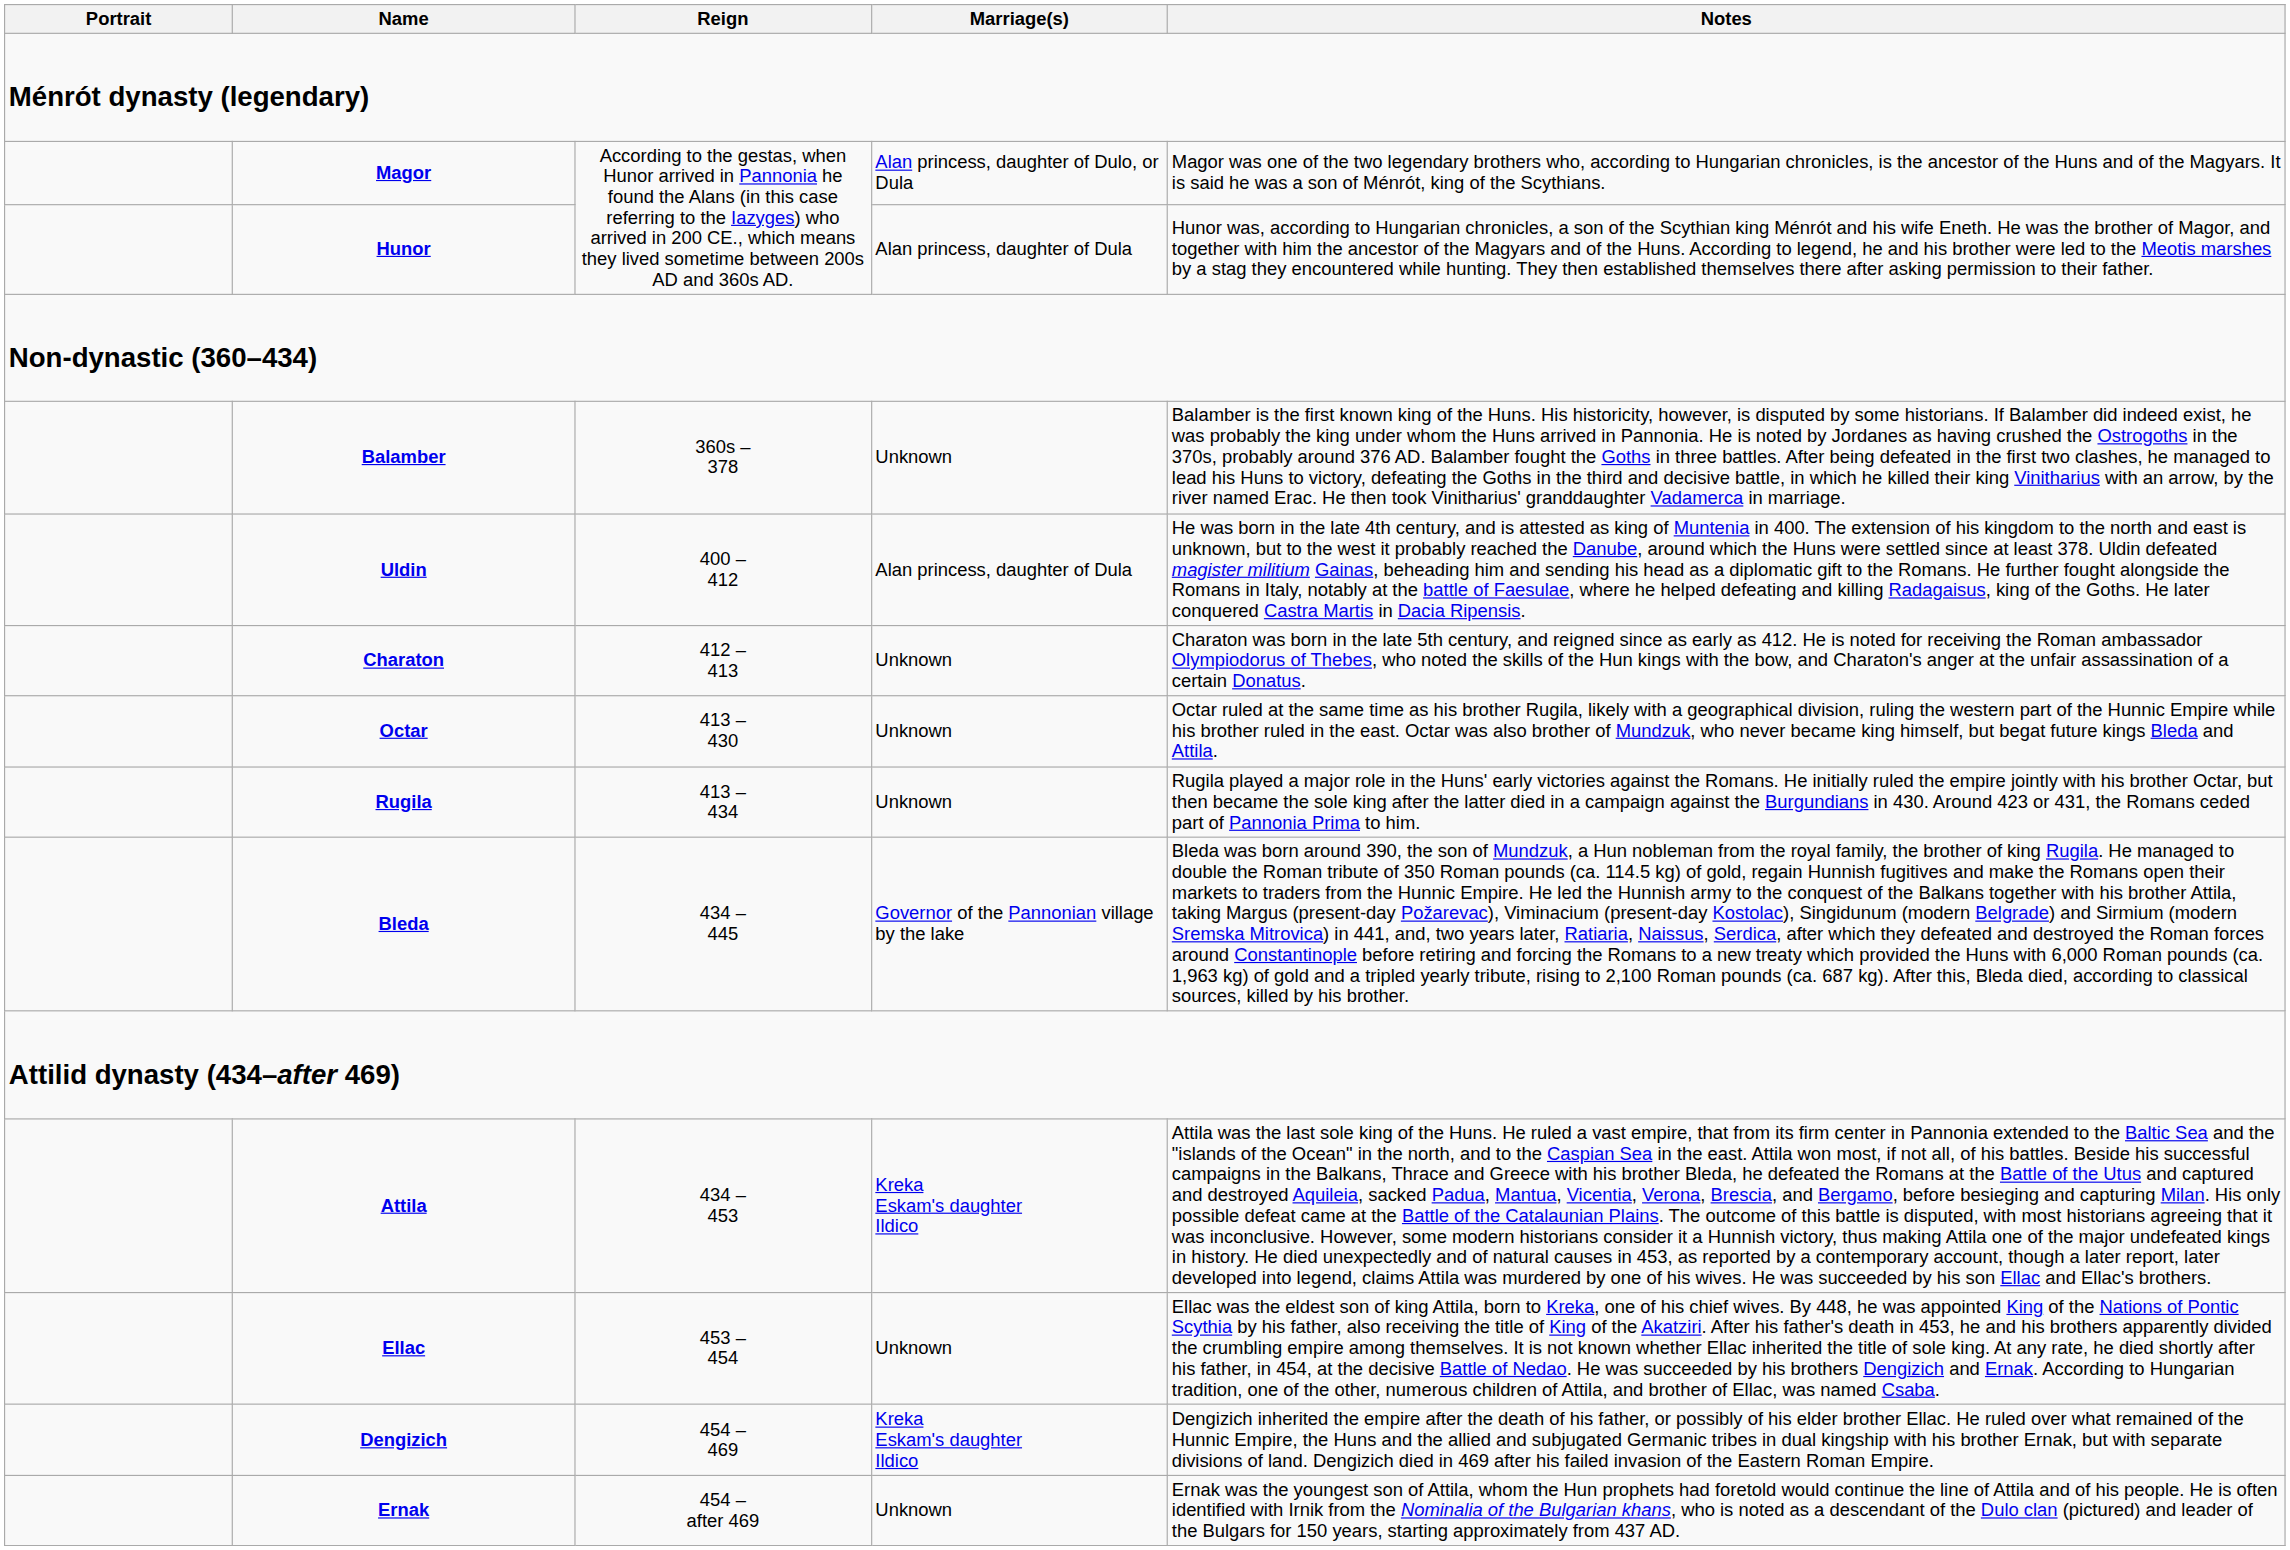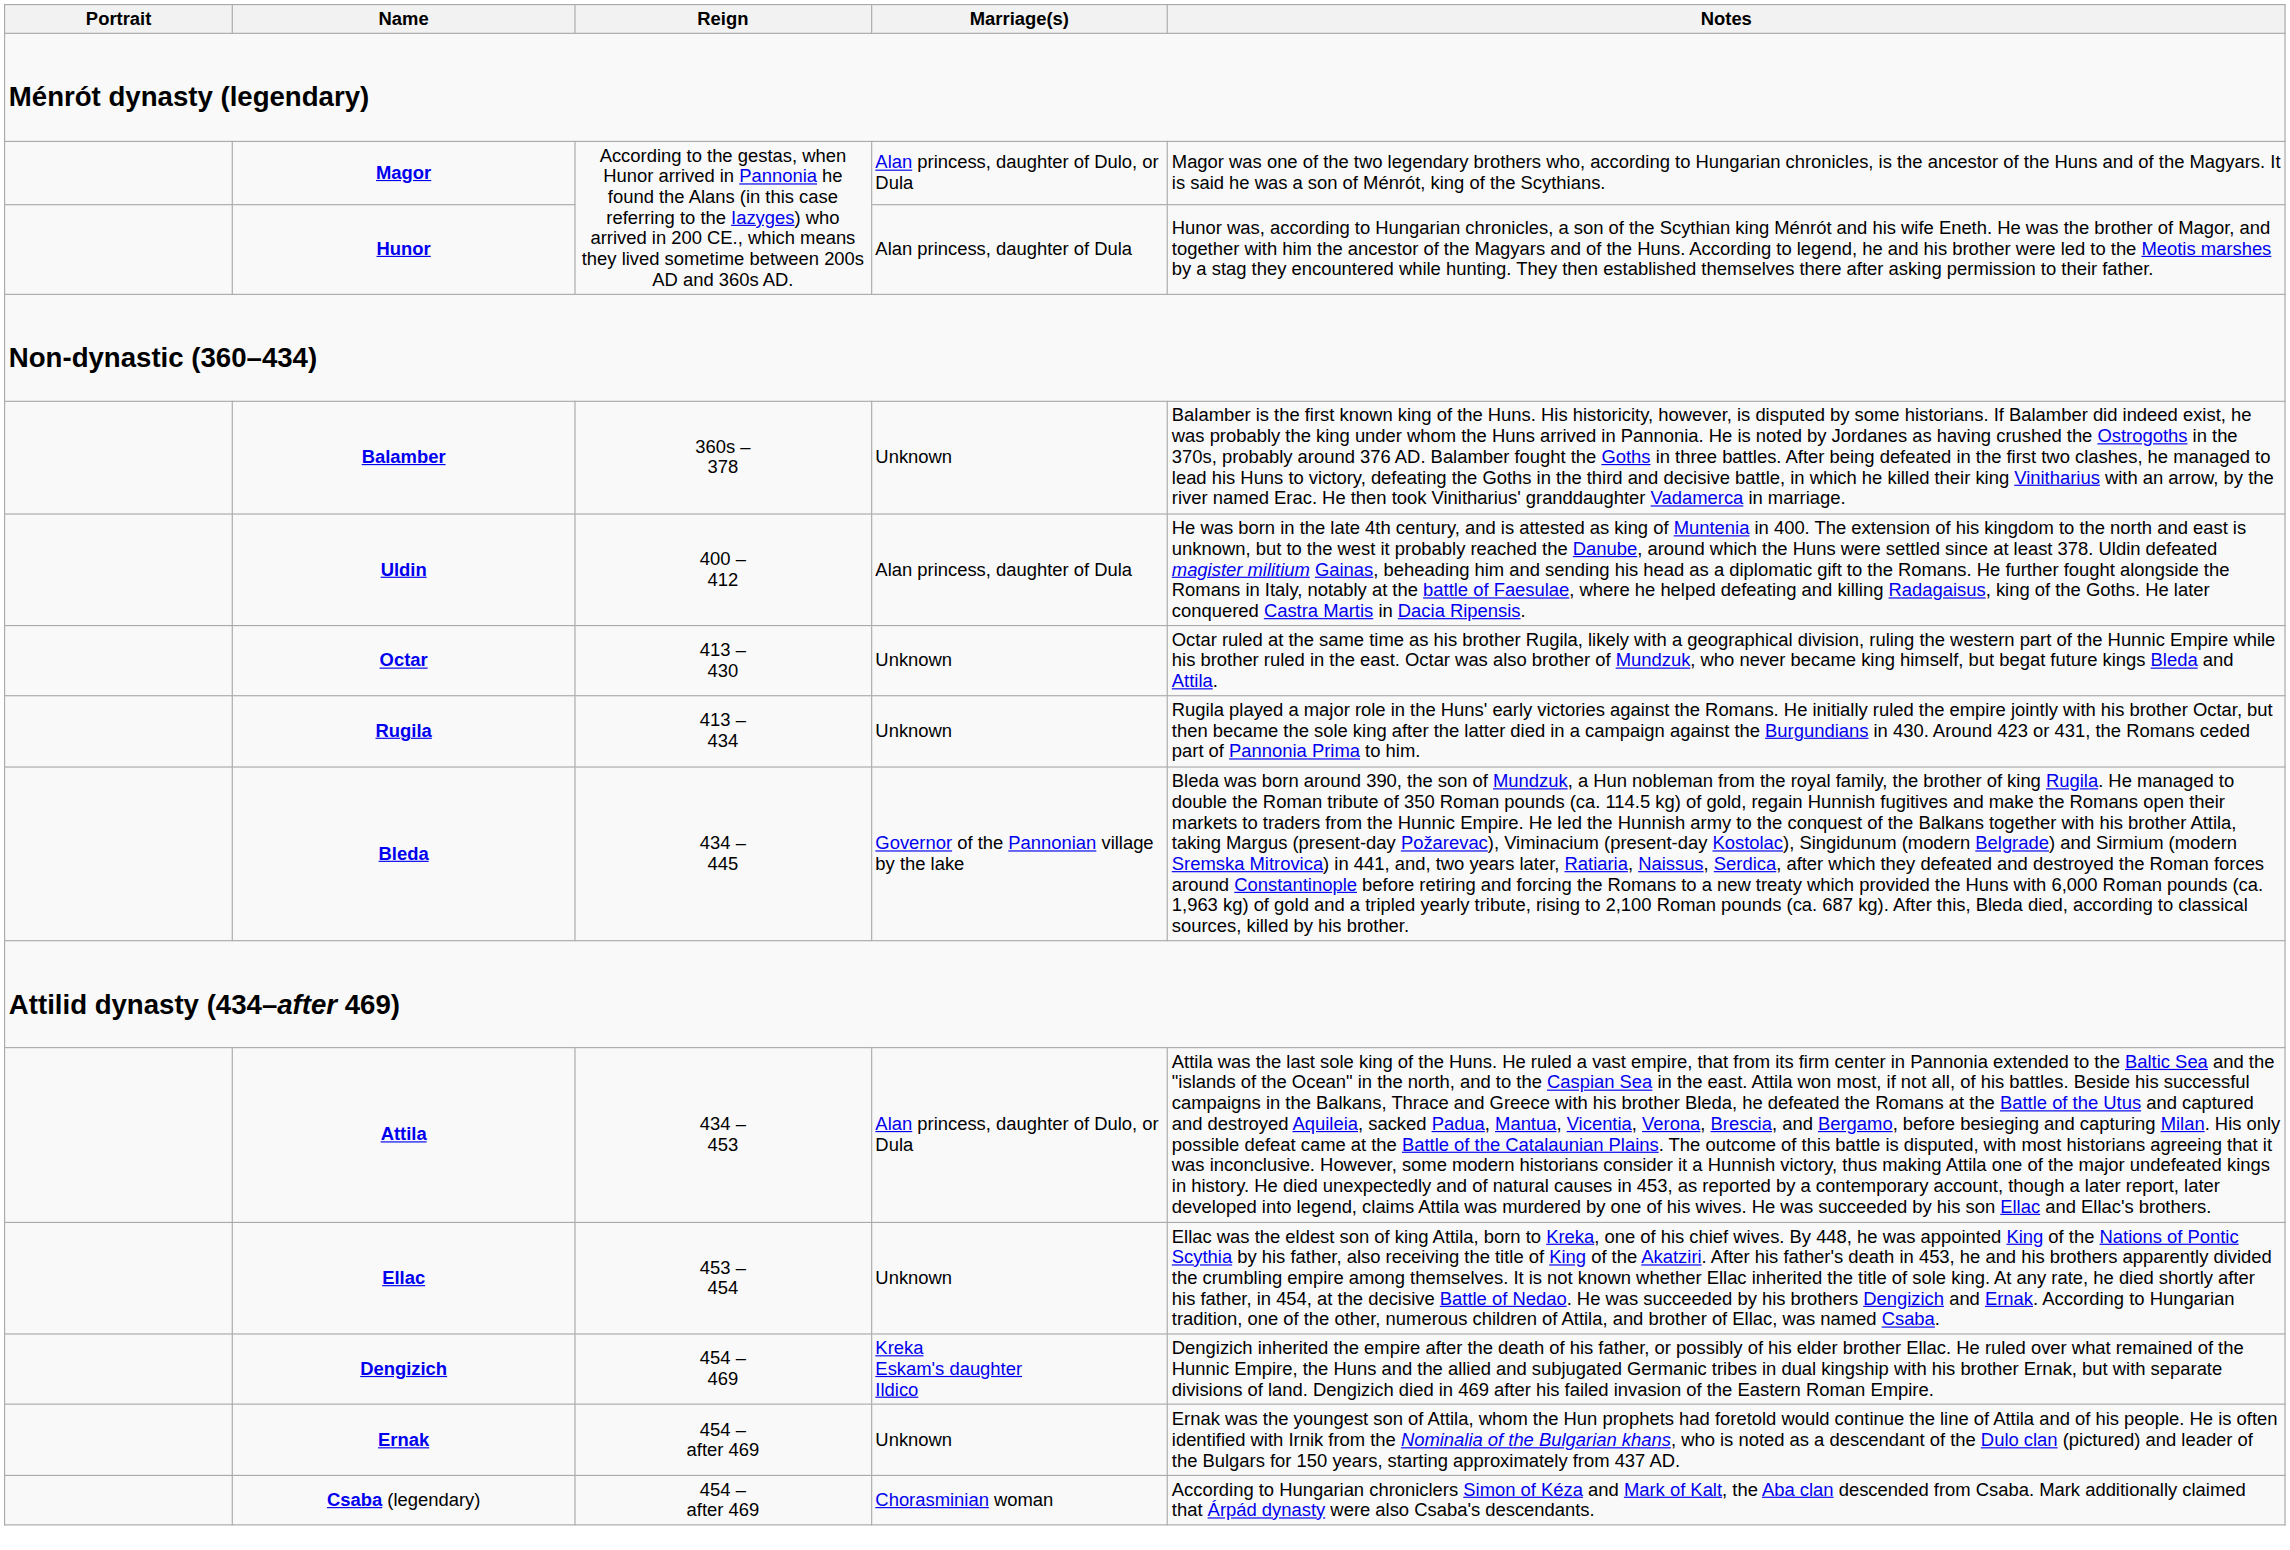 <table class="wikitable" style="width:100%">
 <tr>
 <th style="width:10%">Portrait</th>
 <th style="width:15%">Name</th>
 <th style="width:13%">Reign</th>
 <th style="width:13%">Marriage(s)</th>
 <th style="width:49%">Notes</th>
 </tr>
 <tr>
 <td colspan=5><br><h2>Ménrót dynasty (legendary)</h2></td>
 </tr>
 <tr>
 <td align=center></td>
 <td align=center><strong><a href='#'>Magor</a></strong></td>
 <td rowspan="2" style="text-align:center">According to the gestas, when Hunor arrived in <a href='#'>Pannonia</a> he found the Alans (in this case referring to the <a href='#'>Iazyges</a>) who arrived in  200 CE., which means they lived sometime between  200s AD and  360s AD.</td>
 <td><a href='#'>Alan</a> princess, daughter of Dulo, or Dula</td>
 <td>Magor was one of the two legendary brothers who, according to Hungarian chronicles, is the ancestor of the Huns and of the Magyars. It is said he was a son of Ménrót, king of the Scythians.</td>
 </tr>
 <tr>
 <td align=center></td>
 <td align=center><strong><a href='#'>Hunor</a></strong></td>
 <td>Alan princess, daughter of Dula</td>
 <td>Hunor was, according to Hungarian chronicles, a son of the Scythian king Ménrót and his wife Eneth. He was the brother of Magor, and together with him the ancestor of the Magyars and of the Huns. According to legend, he and his brother were led to the <a href='#'>Meotis marshes</a> by a stag they encountered while hunting. They then established themselves there after asking permission to their father.</td>
 </tr>
 <tr>
 <td colspan=5><br><h2>Non-dynastic (360–434)</h2></td>
 </tr>
 <tr>
 <td align=center></td>
 <td align=center><strong><a href='#'>Balamber</a></strong></td>
 <td style="text-align:center"> 360s –<br> 378</td>
 <td>Unknown</td>
 <td>Balamber is the first known king of the Huns. His historicity, however, is disputed by some historians. If Balamber did indeed exist, he was probably the king under whom the Huns arrived in Pannonia. He is noted by Jordanes as having crushed the <a href='#'>Ostrogoths</a> in the 370s, probably around 376 AD. Balamber fought the <a href='#'>Goths</a> in three battles. After being defeated in the first two clashes, he managed to lead his Huns to victory, defeating the Goths in the third and decisive battle, in which he killed their king <a href='#'>Vinitharius</a> with an arrow, by the river named Erac. He then took Vinitharius' granddaughter <a href='#'>Vadamerca</a> in marriage.</td>
 </tr>
 <tr>
 <td align=center></td>
 <td align=center><strong><a href='#'>Uldin</a></strong><br></td>
 <td style="text-align:center">400 –<br>412</td>
 <td>Alan princess, daughter of Dula</td>
 <td>He was born in the late 4th century, and is attested as king of <a href='#'>Muntenia</a> in 400. The extension of his kingdom to the north and east is unknown, but to the west it probably reached the <a href='#'>Danube</a>, around which the Huns were settled since at least 378. Uldin defeated <em><a href='#'>magister militium</a></em> <a href='#'>Gainas</a>, beheading him and sending his head as a diplomatic gift to the Romans. He further fought alongside the Romans in Italy, notably at the <a href='#'>battle of Faesulae</a>, where he helped defeating and killing <a href='#'>Radagaisus</a>, king of the Goths. He later conquered <a href='#'>Castra Martis</a> in <a href='#'>Dacia Ripensis</a>.</td>
 </tr>
 <tr>
 <td align=center></td>
-<td align=center><strong><a href='#'>Charaton</a></strong><br></td>
-<td style="text-align:center">412 –<br>413</td>
-<td>Unknown</td>
-<td>Charaton was born in the late 5th century, and reigned since as early as 412. He is noted for receiving the Roman ambassador <a href='#'>Olympiodorus of Thebes</a>, who noted the skills of the Hun kings with the bow, and Charaton's anger at the unfair assassination of a certain <a href='#'>Donatus</a>.</td>
-</tr>
-<tr>
-<td align=center></td>
 <td align=center><strong><a href='#'>Octar</a></strong><br></td>
 <td style="text-align:center">413 –<br>430</td>
 <td>Unknown</td>
 <td>Octar ruled at the same time as his brother Rugila, likely with a geographical division, ruling the western part of the Hunnic Empire while his brother ruled in the east. Octar was also brother of <a href='#'>Mundzuk</a>, who never became king himself, but begat future kings <a href='#'>Bleda</a> and <a href='#'>Attila</a>.</td>
 </tr>
 <tr>
 <td align=center></td>
 <td align=center><strong><a href='#'>Rugila</a></strong><br></td>
 <td style="text-align:center">413 –<br>434</td>
 <td>Unknown</td>
 <td>Rugila played a major role in the Huns' early victories against the Romans. He initially ruled the empire jointly with his brother Octar, but then became the sole king after the latter died in a campaign against the <a href='#'>Burgundians</a> in 430. Around 423 or 431, the Romans ceded part of <a href='#'>Pannonia Prima</a> to him.</td>
 </tr>
 <tr>
 <td align=center></td>
 <td align=center><strong><a href='#'>Bleda</a></strong><br></td>
 <td style="text-align:center">434 –<br>445</td>
 <td><a href='#'>Governor</a> of the <a href='#'>Pannonian</a> village by the lake</td>
 <td>Bleda was born around 390, the son of <a href='#'>Mundzuk</a>, a Hun nobleman from the royal family, the brother of king <a href='#'>Rugila</a>. He managed to double the Roman tribute of 350 Roman pounds (ca. 114.5 kg) of gold, regain Hunnish fugitives and make the Romans open their markets to traders from the Hunnic Empire. He led the Hunnish army to the conquest of the Balkans together with his brother Attila, taking Margus (present-day <a href='#'>Požarevac</a>), Viminacium (present-day <a href='#'>Kostolac</a>), Singidunum (modern <a href='#'>Belgrade</a>) and Sirmium (modern <a href='#'>Sremska Mitrovica</a>) in 441, and, two years later, <a href='#'>Ratiaria</a>, <a href='#'>Naissus</a>, <a href='#'>Serdica</a>, after which they defeated and destroyed the Roman forces around <a href='#'>Constantinople</a> before retiring and forcing the Romans to a new treaty which provided the Huns with 6,000 Roman pounds (ca. 1,963 kg) of gold and a tripled yearly tribute, rising to 2,100 Roman pounds (ca. 687 kg). After this, Bleda died, according to classical sources, killed by his brother.</td>
 </tr>
 <tr>
 <td colspan=5><br><h2>Attilid dynasty (434–<em>after</em> 469)</h2></td>
 </tr>
 <tr>
 <td align=center></td>
 <td align=center><strong><a href='#'>Attila</a></strong><br></td>
 <td style="text-align:center">434 –<br>453</td>
-<td><a href='#'>Kreka</a><br><a href='#'>Eskam's daughter</a><br><a href='#'>Ildico</a></td>
+<td><a href='#'>Alan</a> princess, daughter of Dulo, or Dula</td>
 <td>Attila was the last sole king of the Huns. He ruled a vast empire, that from its firm center in Pannonia extended to the <a href='#'>Baltic Sea</a> and the "islands of the Ocean" in the north, and to the <a href='#'>Caspian Sea</a> in the east. Attila won most, if not all, of his battles. Beside his successful campaigns in the Balkans, Thrace and Greece with his brother Bleda, he defeated the Romans at the <a href='#'>Battle of the Utus</a> and captured and destroyed <a href='#'>Aquileia</a>, sacked <a href='#'>Padua</a>, <a href='#'>Mantua</a>, <a href='#'>Vicentia</a>, <a href='#'>Verona</a>, <a href='#'>Brescia</a>, and <a href='#'>Bergamo</a>, before besieging and capturing <a href='#'>Milan</a>. His only possible defeat came at the <a href='#'>Battle of the Catalaunian Plains</a>. The outcome of this battle is disputed, with most historians agreeing that it was inconclusive. However, some modern historians consider it a Hunnish victory, thus making Attila one of the major undefeated kings in history. He died unexpectedly and of natural causes in 453, as reported by a contemporary account, though a later report, later developed into legend, claims Attila was murdered by one of his wives. He was succeeded by his son <a href='#'>Ellac</a> and Ellac's brothers.</td>
 </tr>
 <tr>
 <td align=center></td>
 <td align=center><strong><a href='#'>Ellac</a></strong></td>
 <td style="text-align:center">453 –<br>454</td>
 <td>Unknown</td>
 <td>Ellac was the eldest son of king Attila, born to <a href='#'>Kreka</a>, one of his chief wives. By 448, he was appointed <a href='#'>King</a> of the <a href='#'>Nations of Pontic Scythia</a> by his father, also receiving the title of <a href='#'>King</a> of the <a href='#'>Akatziri</a>. After his father's death in 453, he and his brothers apparently divided the crumbling empire among themselves. It is not known whether Ellac inherited the title of sole king. At any rate, he died shortly after his father, in 454, at the decisive <a href='#'>Battle of Nedao</a>. He was succeeded by his brothers <a href='#'>Dengizich</a> and <a href='#'>Ernak</a>. According to Hungarian tradition, one of the other, numerous children of Attila, and brother of Ellac, was named <a href='#'>Csaba</a>.</td>
 </tr>
 <tr>
 <td align=center></td>
 <td align=center><strong><a href='#'>Dengizich</a></strong><br></td>
 <td style="text-align:center">454 –<br>469</td>
 <td><a href='#'>Kreka</a><br><a href='#'>Eskam's daughter</a><br><a href='#'>Ildico</a></td>
 <td>Dengizich inherited the empire after the death of his father, or possibly of his elder brother Ellac. He ruled over what remained of the Hunnic Empire, the Huns and the allied and subjugated Germanic tribes in dual kingship with his brother Ernak, but with separate divisions of land. Dengizich died in 469 after his failed invasion of the Eastern Roman Empire.</td>
 </tr>
 <tr>
 <td align=center></td>
 <td align=center><strong><a href='#'>Ernak</a></strong><br></td>
 <td style="text-align:center">454 –<br>after 469</td>
 <td>Unknown</td>
 <td>Ernak was the youngest son of Attila, whom the Hun prophets had foretold would continue the line of Attila and of his people. He is often identified with Irnik from the <em><a href='#'>Nominalia of the Bulgarian khans</a></em>, who is noted as a descendant of the <a href='#'>Dulo clan</a> (pictured) and leader of the Bulgars for 150 years, starting approximately from 437 AD.</td>
 </tr>
+<tr>
+<td align=center></td>
+<td align=center><strong><a href='#'>Csaba</a></strong> (legendary)</td>
+<td style="text-align:center">454 –<br>after 469</td>
+<td><a href='#'>Chorasminian</a> woman</td>
+<td>According to Hungarian chroniclers <a href='#'>Simon of Kéza</a> and <a href='#'>Mark of Kalt</a>, the <a href='#'>Aba clan</a> descended from Csaba. Mark additionally claimed that <a href='#'>Árpád dynasty</a> were also Csaba's descendants.</td>
+</tr>
 </table>
